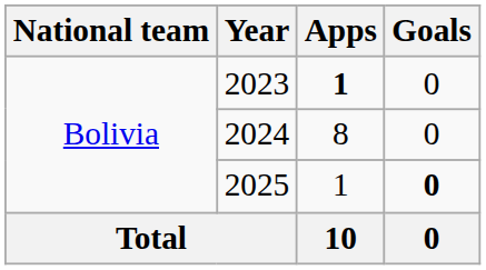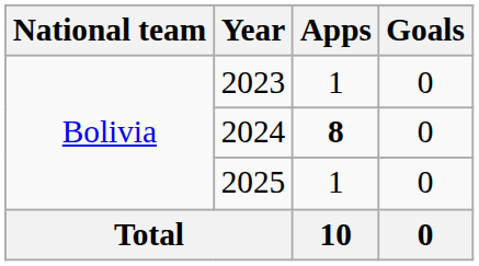 <table class=wikitable style=text-align:center>
 <tr>
 <th>National team</th>
 <th>Year</th>
 <th>Apps</th>
 <th>Goals</th>
 </tr>
 <tr>
 <td rowspan="3"><a href='#'>Bolivia</a></td>
 <td>2023</td>
-<td><strong>1</strong></td>
+<td>1</td>
 <td>0</td>
 </tr>
 <tr>
 <td>2024</td>
-<td>8</td>
+<td><strong>8</strong></td>
 <td>0</td>
 </tr>
 <tr>
 <td>2025</td>
 <td>1</td>
-<td><strong>0</strong></td>
+<td>0</td>
 </tr>
 <tr>
 <th colspan="2">Total</th>
 <th>10</th>
 <th>0</th>
 </tr>
 </table>
